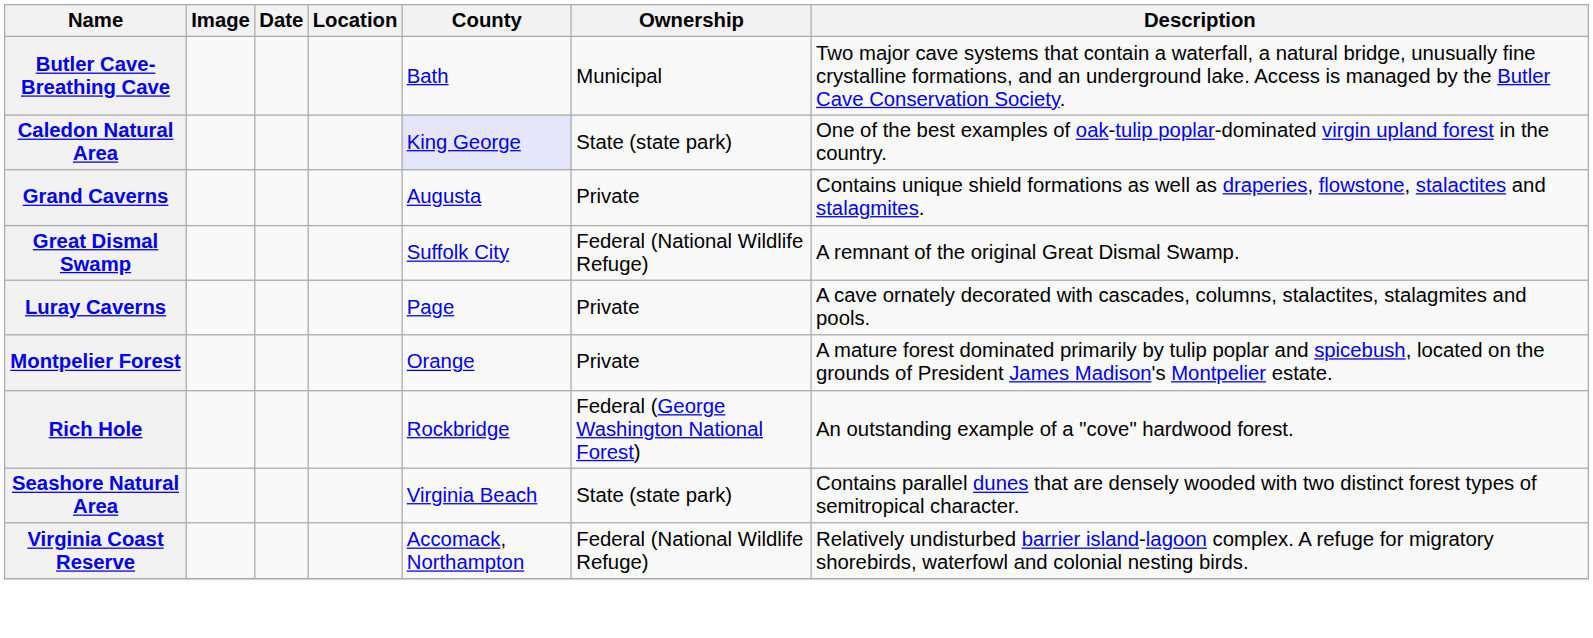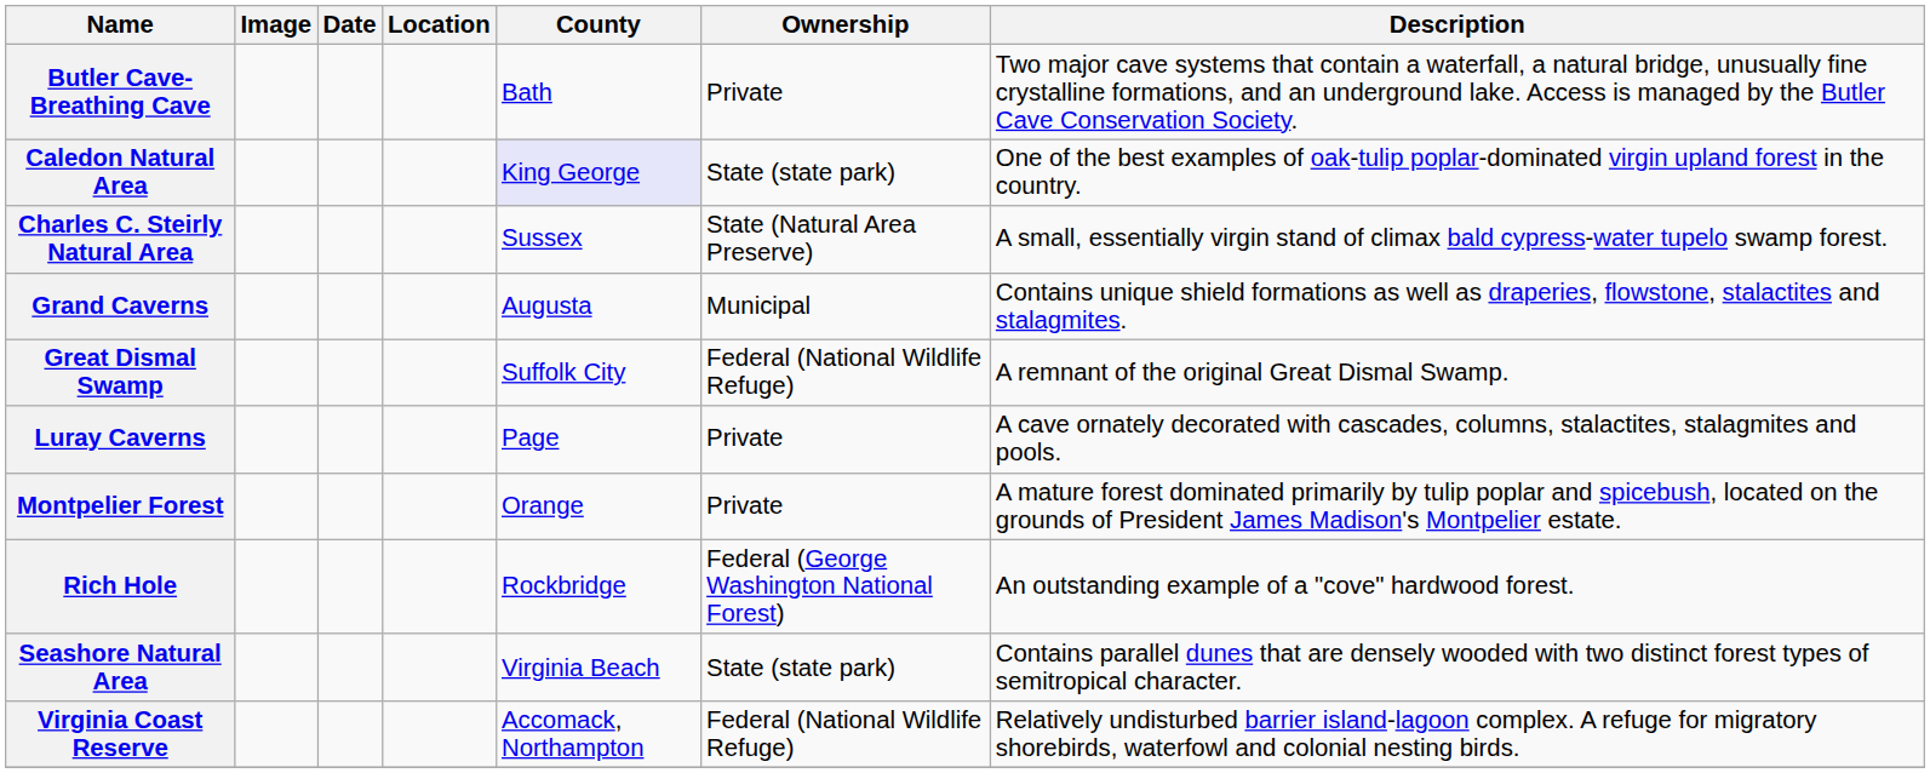 <table class="wikitable sortable" align="center">
 <tr>
 <th style="background-color:">Name</th>
 <th style="background-color:">Image</th>
 <th style="background-color:">Date</th>
 <th style="background-color:">Location</th>
 <th style="background-color:">County</th>
 <th style="background-color:">Ownership</th>
 <th style="background-color:">Description</th>
 </tr>
 <tr>
 <th><a href='#'>Butler Cave- Breathing Cave</a></th>
 <td></td>
 <td></td>
 <td></td>
 <td><a href='#'>Bath</a></td>
-<td>Municipal</td>
+<td>Private</td>
 <td>Two major cave systems that contain a  waterfall, a natural bridge, unusually fine crystalline formations, and an underground lake. Access is managed by the <a href='#'>Butler Cave Conservation Society</a>.</td>
 </tr>
 <tr>
 <th><a href='#'>Caledon Natural Area</a></th>
 <td></td>
 <td></td>
 <td></td>
 <td style="background: lavender;"><a href='#'>King George</a></td>
 <td>State (state park)</td>
 <td>One of the best examples of <a href='#'>oak</a>-<a href='#'>tulip poplar</a>-dominated <a href='#'>virgin upland forest</a> in the country.</td>
 </tr>
 <tr>
+<th><a href='#'>Charles C. Steirly Natural Area</a></th>
+<td></td>
+<td></td>
+<td></td>
+<td><a href='#'>Sussex</a></td>
+<td>State (Natural Area Preserve)</td>
+<td>A small, essentially virgin stand of climax <a href='#'>bald cypress</a>-<a href='#'>water tupelo</a> swamp forest.</td>
+</tr>
+<tr>
 <th><a href='#'>Grand Caverns</a></th>
 <td></td>
 <td></td>
 <td></td>
 <td><a href='#'>Augusta</a></td>
-<td>Private</td>
+<td>Municipal</td>
 <td>Contains unique shield formations as well as <a href='#'>draperies</a>, <a href='#'>flowstone</a>, <a href='#'>stalactites</a> and <a href='#'>stalagmites</a>.</td>
 </tr>
 <tr>
 <th><a href='#'>Great Dismal Swamp</a></th>
 <td></td>
 <td></td>
 <td></td>
 <td><a href='#'>Suffolk City</a></td>
 <td>Federal (National Wildlife Refuge)</td>
 <td>A remnant of the original Great Dismal Swamp.</td>
 </tr>
 <tr>
 <th><a href='#'>Luray Caverns</a></th>
 <td></td>
 <td></td>
 <td></td>
 <td><a href='#'>Page</a></td>
 <td>Private</td>
 <td>A cave ornately decorated with cascades, columns, stalactites, stalagmites and pools.</td>
 </tr>
 <tr>
 <th><a href='#'>Montpelier Forest</a></th>
 <td></td>
 <td></td>
 <td></td>
 <td><a href='#'>Orange</a></td>
 <td>Private</td>
 <td>A mature forest dominated primarily by tulip poplar and <a href='#'>spicebush</a>, located on the grounds of President <a href='#'>James Madison</a>'s <a href='#'>Montpelier</a> estate.</td>
 </tr>
 <tr>
 <th><a href='#'>Rich Hole</a></th>
 <td></td>
 <td></td>
 <td></td>
 <td><a href='#'>Rockbridge</a></td>
 <td>Federal (<a href='#'>George Washington National Forest</a>)</td>
 <td>An outstanding example of a "cove" hardwood forest.</td>
 </tr>
 <tr>
 <th><a href='#'>Seashore Natural Area</a></th>
 <td></td>
 <td></td>
 <td></td>
 <td><a href='#'>Virginia Beach</a></td>
 <td>State (state park)</td>
 <td>Contains parallel <a href='#'>dunes</a> that are densely wooded with two distinct forest types of semitropical character.</td>
 </tr>
 <tr>
 <th><a href='#'>Virginia Coast Reserve</a></th>
 <td></td>
 <td></td>
 <td></td>
 <td><a href='#'>Accomack</a>, <a href='#'>Northampton</a></td>
 <td>Federal (National Wildlife Refuge)</td>
 <td>Relatively undisturbed <a href='#'>barrier island</a>-<a href='#'>lagoon</a> complex.  A refuge for migratory shorebirds, waterfowl and colonial nesting birds.</td>
 </tr>
 <tr>
 </tr>
 </table>
